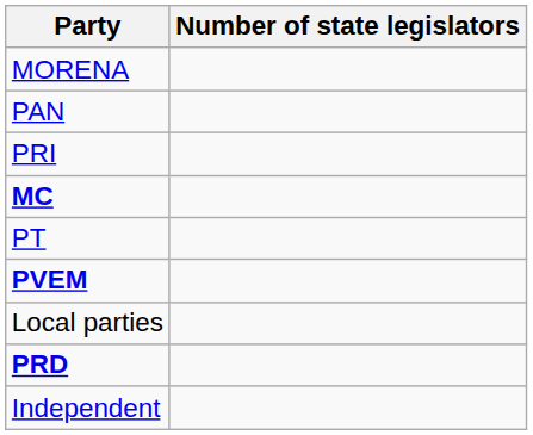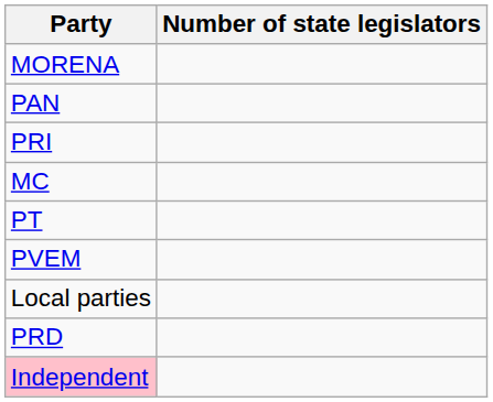 <table class="wikitable sortable" font-size:80%;">
 <tr>
 <th>Party</th>
 <th colspan="2">Number of state legislators</th>
 </tr>
 <tr>
 <td><a href='#'>MORENA</a></td>
 <td align=right></td>
 </tr>
 <tr>
 <td><a href='#'>PAN</a></td>
 <td align=right></td>
 </tr>
 <tr>
 <td><a href='#'>PRI</a></td>
 <td align=right></td>
 </tr>
 <tr>
-<td><strong><a href='#'>MC</a></strong></td>
+<td><a href='#'>MC</a></td>
 <td align=right></td>
 </tr>
 <tr>
 <td><a href='#'>PT</a></td>
 <td align=right></td>
 </tr>
 <tr>
-<td><strong><a href='#'>PVEM</a></strong></td>
+<td><a href='#'>PVEM</a></td>
 <td align=right></td>
 </tr>
 <tr>
 <td>Local parties</td>
 <td align=right></td>
 </tr>
 <tr>
-<td><strong><a href='#'>PRD</a></strong></td>
+<td><a href='#'>PRD</a></td>
 <td align=right></td>
 </tr>
 <tr>
-<td><a href='#'>Independent</a></td>
+<td style="background: pink;"><a href='#'>Independent</a></td>
 <td align=right></td>
 </tr>
 </table>
